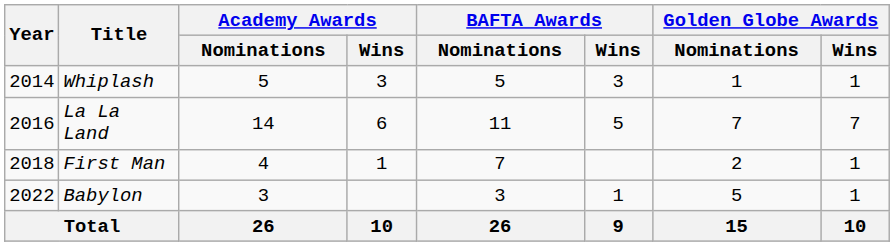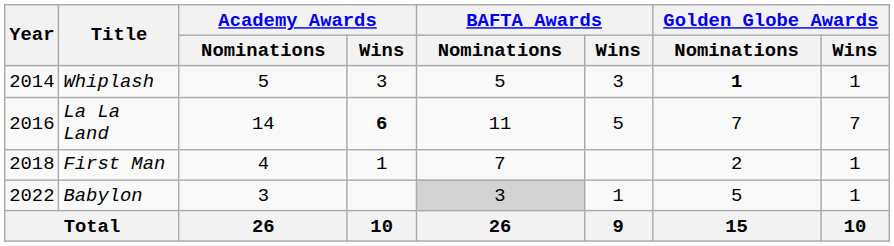 <table class="wikitable">
 <tr>
 <th rowspan="2">Year</th>
 <th rowspan="2">Title</th>
 <th colspan="2" width=160 style="text-align:center;"><a href='#'>Academy Awards</a></th>
 <th colspan="2" width=160 style="text-align:center;"><a href='#'>BAFTA Awards</a></th>
 <th colspan="2" width=160 style="text-align:center;"><a href='#'>Golden Globe Awards</a></th>
 </tr>
 <tr>
 <th>Nominations</th>
 <th>Wins</th>
 <th>Nominations</th>
 <th>Wins</th>
 <th>Nominations</th>
 <th>Wins</th>
 </tr>
 <tr>
 <td>2014</td>
 <td><em>Whiplash</em></td>
 <td align=center>5</td>
 <td align=center>3</td>
 <td align=center>5</td>
 <td align=center>3</td>
-<td align=center>1</td>
+<td align=center><strong>1</strong></td>
 <td align=center>1</td>
 </tr>
 <tr>
 <td>2016</td>
 <td><em>La La Land</em></td>
 <td align=center>14</td>
-<td align=center>6</td>
+<td align=center><strong>6</strong></td>
 <td align=center>11</td>
 <td align=center>5</td>
 <td align=center>7</td>
 <td align=center>7</td>
 </tr>
 <tr>
 <td>2018</td>
 <td><em>First Man</em></td>
 <td align=center>4</td>
 <td align=center>1</td>
 <td align=center>7</td>
 <td></td>
 <td align=center>2</td>
 <td align=center>1</td>
 </tr>
 <tr>
 <td>2022</td>
 <td><em>Babylon</em></td>
 <td align=center>3</td>
 <td></td>
-<td align=center>3</td>
+<td align=center style="background: lightgrey;">3</td>
 <td align=center>1</td>
 <td align=center>5</td>
 <td align=center>1</td>
 </tr>
 <tr>
 <th colspan="2">Total</th>
 <th align=center>26</th>
 <th align=center>10</th>
 <th align=center>26</th>
 <th align=center>9</th>
 <th align=center>15</th>
 <th align=center>10</th>
 </tr>
 </table>
